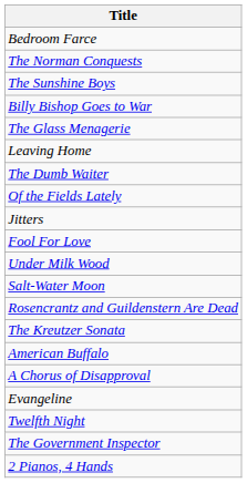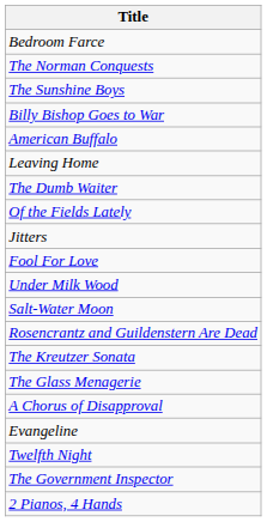 <table class="wikitable sortable">
 <tr>
 <th>Title</th>
 </tr>
 <tr>
 <td><em>Bedroom Farce</em></td>
 </tr>
 <tr>
 <td><em><a href='#'>The Norman Conquests</a></em></td>
 </tr>
 <tr>
 <td><em><a href='#'>The Sunshine Boys</a></em></td>
 </tr>
 <tr>
 <td><em><a href='#'>Billy Bishop Goes to War</a></em></td>
 </tr>
 <tr>
-<td><em><a href='#'>The Glass Menagerie</a></em></td>
+<td><em><a href='#'>American Buffalo</a></em></td>
 </tr>
 <tr>
 <td><em>Leaving Home</em></td>
 </tr>
 <tr>
 <td><em><a href='#'>The Dumb Waiter</a></em></td>
 </tr>
 <tr>
 <td><em><a href='#'>Of the Fields Lately</a></em></td>
 </tr>
 <tr>
 <td><em>Jitters</em></td>
 </tr>
 <tr>
 <td><em><a href='#'>Fool For Love</a></em></td>
 </tr>
 <tr>
 <td><em><a href='#'>Under Milk Wood</a></em></td>
 </tr>
 <tr>
 <td><em><a href='#'>Salt-Water Moon</a></em></td>
 </tr>
 <tr>
 <td><em><a href='#'>Rosencrantz and Guildenstern Are Dead</a></em></td>
 </tr>
 <tr>
 <td><em><a href='#'>The Kreutzer Sonata</a></em></td>
 </tr>
 <tr>
-<td><em><a href='#'>American Buffalo</a></em></td>
+<td><em><a href='#'>The Glass Menagerie</a></em></td>
 </tr>
 <tr>
 <td><em><a href='#'>A Chorus of Disapproval</a></em></td>
 </tr>
 <tr>
 <td><em>Evangeline</em></td>
 </tr>
 <tr>
 <td><em><a href='#'>Twelfth Night</a></em></td>
 </tr>
 <tr>
 <td><em><a href='#'>The Government Inspector</a></em></td>
 </tr>
 <tr>
 <td><em><a href='#'>2 Pianos, 4 Hands</a></em></td>
 </tr>
 </table>
